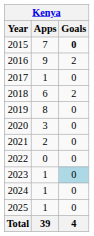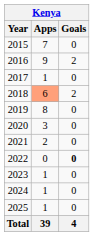 <table class="wikitable" style="text-align:center">
 <tr>
 <th colspan=3><a href='#'>Kenya</a></th>
 </tr>
 <tr>
 <th>Year</th>
 <th>Apps</th>
 <th>Goals</th>
 </tr>
 <tr>
 <td>2015</td>
 <td>7</td>
-<td><strong>0</strong></td>
+<td>0</td>
 </tr>
 <tr>
 <td>2016</td>
 <td>9</td>
 <td>2</td>
 </tr>
 <tr>
 <td>2017</td>
 <td>1</td>
 <td>0</td>
 </tr>
 <tr>
 <td>2018</td>
-<td>6</td>
+<td style="background: lightsalmon;">6</td>
 <td>2</td>
 </tr>
 <tr>
 <td>2019</td>
 <td>8</td>
 <td>0</td>
 </tr>
 <tr>
 <td>2020</td>
 <td>3</td>
 <td>0</td>
 </tr>
 <tr>
 <td>2021</td>
 <td>2</td>
 <td>0</td>
 </tr>
 <tr>
 <td>2022</td>
 <td>0</td>
-<td>0</td>
+<td><strong>0</strong></td>
 </tr>
 <tr>
 <td>2023</td>
 <td>1</td>
-<td style="background: lightblue;">0</td>
+<td>0</td>
 </tr>
 <tr>
 <td>2024</td>
 <td>1</td>
 <td>0</td>
 </tr>
 <tr>
 <td>2025</td>
 <td>1</td>
 <td>0</td>
 </tr>
 <tr>
 <th>Total</th>
 <th>39</th>
 <th>4</th>
 </tr>
 </table>
